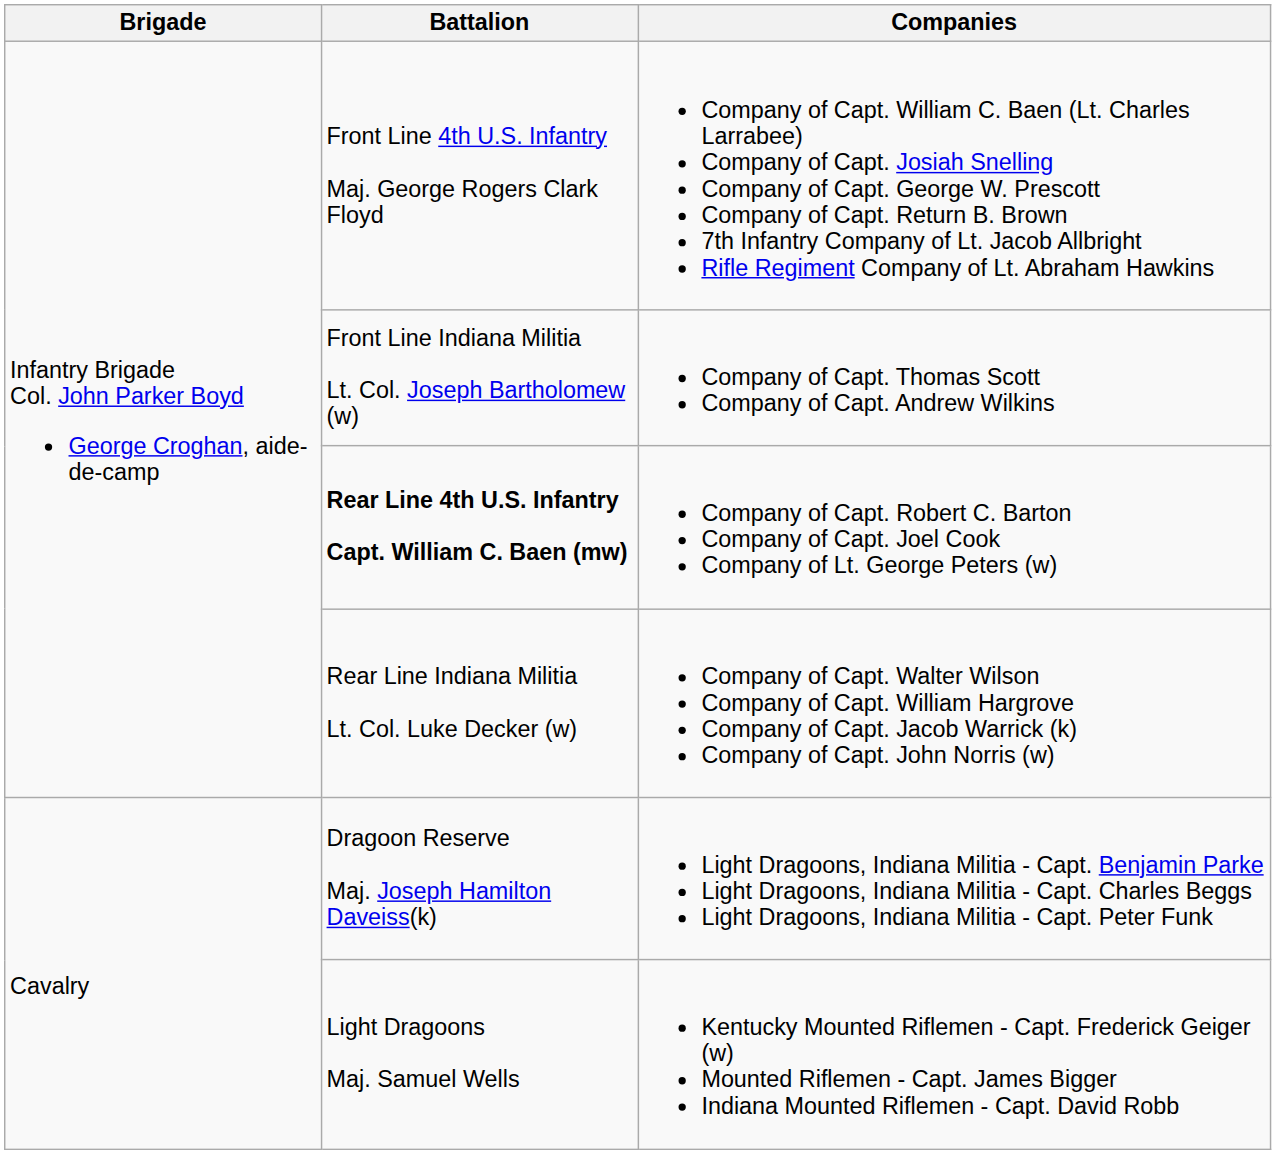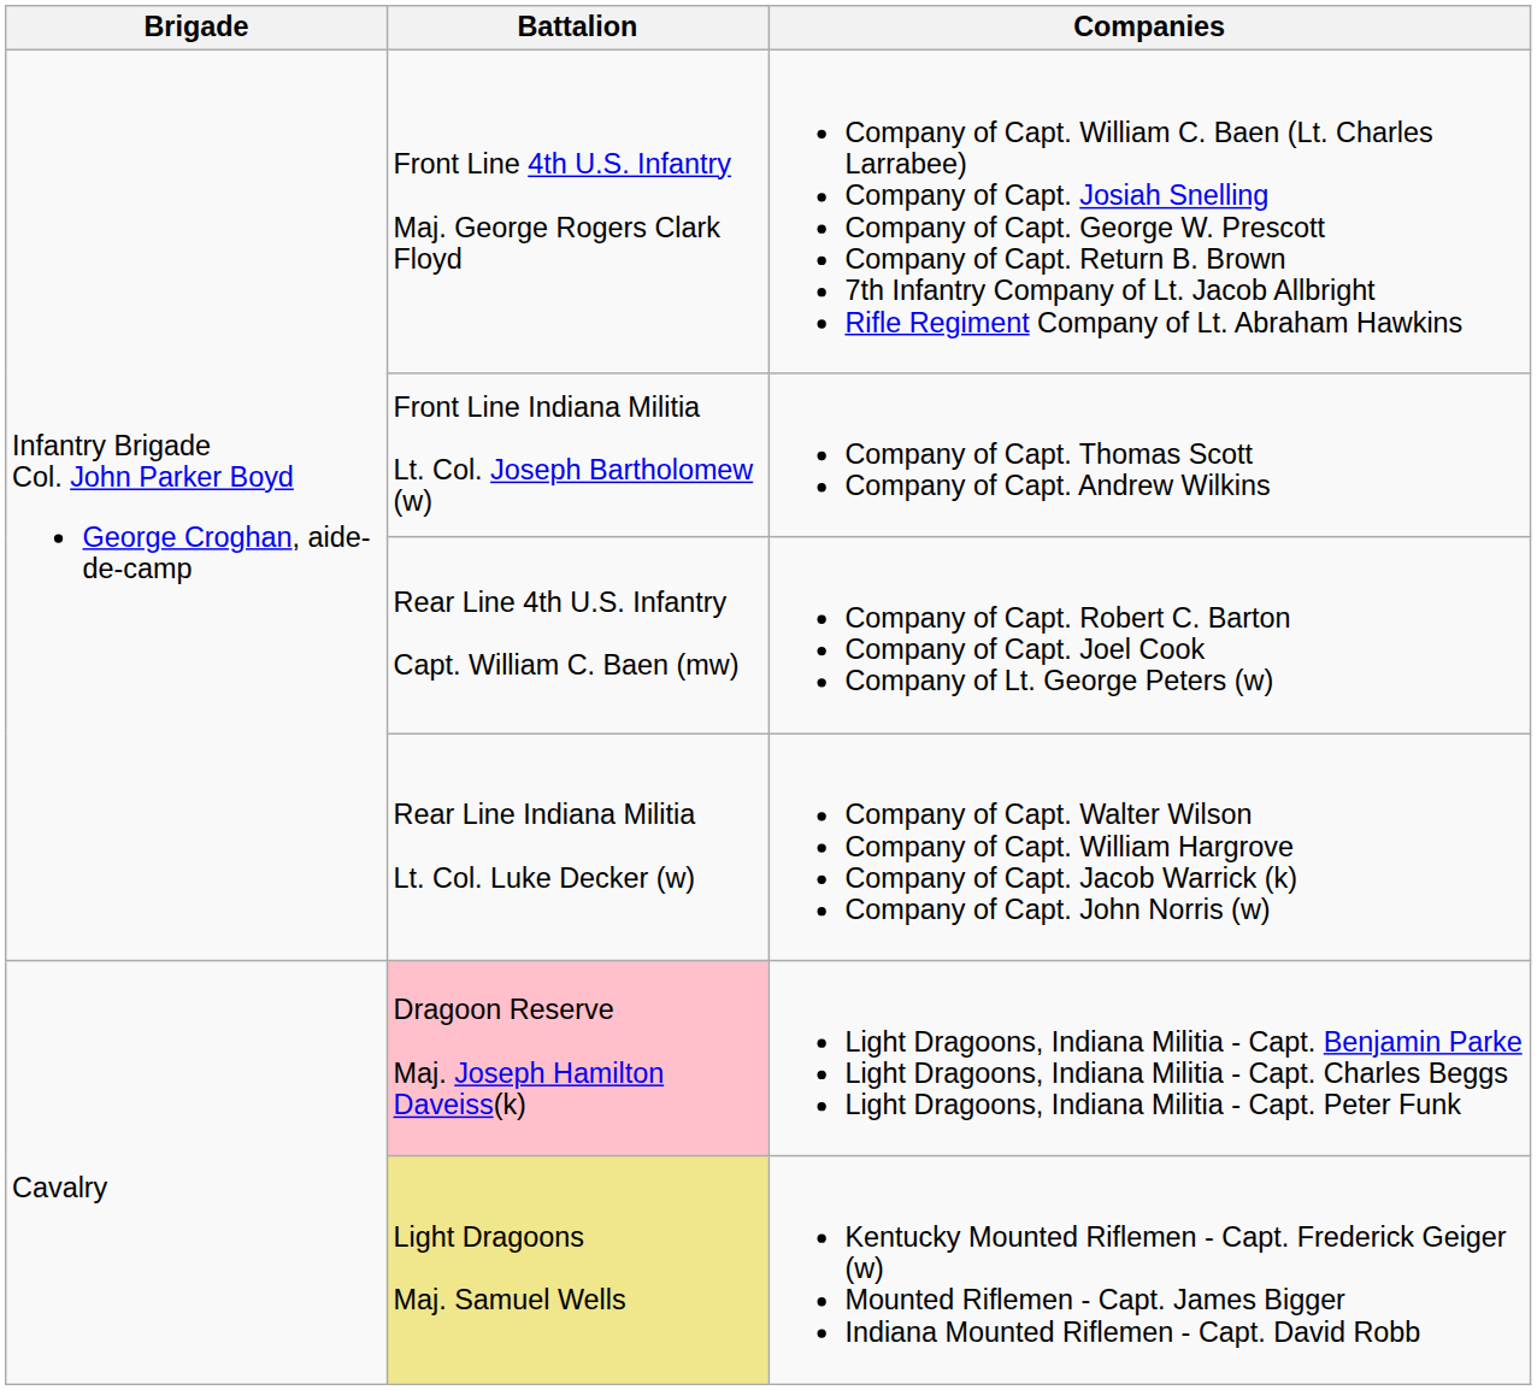 <table class="wikitable">
 <tr>
 <th width=25%>Brigade</th>
 <th width=25%>Battalion</th>
 <th>Companies</th>
 </tr>
 <tr>
 <td rowspan=4><br>Infantry Brigade <br> Col. <a href='#'>John Parker Boyd</a><br><ul><li><a href='#'>George Croghan</a>, aide-de-camp</li></ul></td>
 <td>Front Line <a href='#'>4th U.S. Infantry</a><br><br> Maj. George Rogers Clark Floyd</td>
 <td><br><ul><li>Company of Capt. William C. Baen (Lt. Charles Larrabee)</li><li>Company of Capt. <a href='#'>Josiah Snelling</a></li><li>Company of Capt. George W. Prescott</li><li>Company of Capt. Return B. Brown</li><li>7th Infantry Company of Lt. Jacob Allbright</li><li><a href='#'>Rifle Regiment</a> Company of Lt. Abraham Hawkins</li></ul></td>
 </tr>
 <tr>
 <td>Front Line Indiana Militia<br><br> Lt. Col. <a href='#'>Joseph Bartholomew</a> (w)</td>
 <td><br><ul><li>Company of Capt. Thomas Scott</li><li>Company of Capt. Andrew Wilkins</li></ul></td>
 </tr>
 <tr>
-<td><strong>Rear Line 4th U.S. Infantry<br><br> Capt. William C. Baen (mw)</strong></td>
+<td>Rear Line 4th U.S. Infantry<br><br> Capt. William C. Baen (mw)</td>
 <td><br><ul><li>Company of Capt. Robert C. Barton</li><li>Company of Capt. Joel Cook</li><li>Company of Lt. George Peters (w)</li></ul></td>
 </tr>
 <tr>
 <td>Rear Line Indiana Militia<br><br> Lt. Col. Luke Decker (w)</td>
 <td><br><ul><li>Company of Capt. Walter Wilson</li><li>Company of Capt. William Hargrove</li><li>Company of Capt. Jacob Warrick (k)</li><li>Company of Capt. John Norris (w)</li></ul></td>
 </tr>
 <tr>
 <td rowspan=2><br>Cavalry <br></td>
-<td>Dragoon Reserve<br><br> Maj. <a href='#'>Joseph Hamilton Daveiss</a>(k)</td>
+<td style="background: pink;">Dragoon Reserve<br><br> Maj. <a href='#'>Joseph Hamilton Daveiss</a>(k)</td>
 <td><br><ul><li>Light Dragoons, Indiana Militia - Capt. <a href='#'>Benjamin Parke</a></li><li>Light Dragoons, Indiana Militia - Capt. Charles Beggs</li><li>Light Dragoons, Indiana Militia - Capt. Peter Funk</li></ul></td>
 </tr>
 <tr>
-<td>Light Dragoons<br><br> Maj. Samuel Wells</td>
+<td style="background: khaki;">Light Dragoons<br><br> Maj. Samuel Wells</td>
 <td><br><ul><li>Kentucky Mounted Riflemen - Capt. Frederick Geiger (w)</li><li>Mounted Riflemen - Capt. James Bigger</li><li>Indiana Mounted Riflemen - Capt. David Robb</li></ul></td>
 </tr>
 </table>
